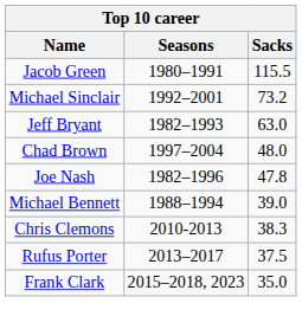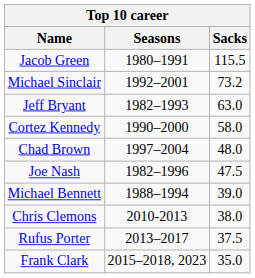 <table class="wikitable" style="text-align:center">
 <tr>
 <th colspan="3"><strong>Top 10 career</strong></th>
 </tr>
 <tr>
 <th><strong>Name</strong></th>
 <th><strong>Seasons</strong></th>
 <th><strong>Sacks</strong></th>
 </tr>
 <tr>
 <td><a href='#'>Jacob Green</a></td>
 <td>1980–1991</td>
 <td>115.5</td>
 </tr>
 <tr>
 <td><a href='#'>Michael Sinclair</a></td>
 <td>1992–2001</td>
 <td>73.2</td>
 </tr>
 <tr>
 <td><a href='#'>Jeff Bryant</a></td>
 <td>1982–1993</td>
 <td>63.0</td>
 </tr>
 <tr>
+<td><a href='#'>Cortez Kennedy</a></td>
+<td>1990–2000</td>
+<td>58.0</td>
+</tr>
+<tr>
 <td><a href='#'>Chad Brown</a></td>
 <td>1997–2004</td>
 <td>48.0</td>
 </tr>
 <tr>
 <td><a href='#'>Joe Nash</a></td>
 <td>1982–1996</td>
-<td>47.8</td>
+<td>47.5</td>
 </tr>
 <tr>
 <td><a href='#'>Michael Bennett</a></td>
 <td>1988–1994</td>
 <td>39.0</td>
 </tr>
 <tr>
 <td><a href='#'>Chris Clemons</a></td>
 <td>2010-2013</td>
-<td>38.3</td>
+<td>38.0</td>
 </tr>
 <tr>
 <td><a href='#'>Rufus Porter</a></td>
 <td>2013–2017</td>
 <td>37.5</td>
 </tr>
 <tr>
 <td><a href='#'>Frank Clark</a></td>
 <td>2015–2018, 2023</td>
 <td>35.0</td>
 </tr>
 </table>
